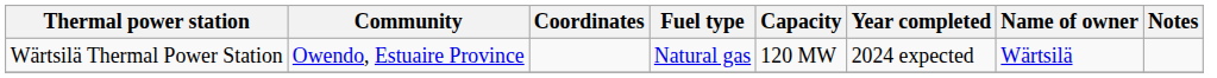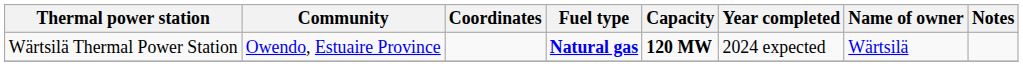 <table class="wikitable sortable">
 <tr>
 <th>Thermal power station</th>
 <th>Community</th>
 <th>Coordinates</th>
 <th>Fuel type</th>
 <th>Capacity</th>
 <th>Year completed</th>
 <th>Name of owner</th>
 <th>Notes</th>
 </tr>
 <tr>
 <td>Wärtsilä Thermal Power Station</td>
 <td><a href='#'>Owendo</a>, <a href='#'>Estuaire Province</a></td>
 <td></td>
-<td><a href='#'>Natural gas</a></td>
-<td>120 MW</td>
+<td><strong><a href='#'>Natural gas</a></strong></td>
+<td><strong>120 MW</strong></td>
 <td>2024 expected</td>
 <td><a href='#'>Wärtsilä</a></td>
 <td></td>
 </tr>
 <tr>
 </tr>
 </table>
